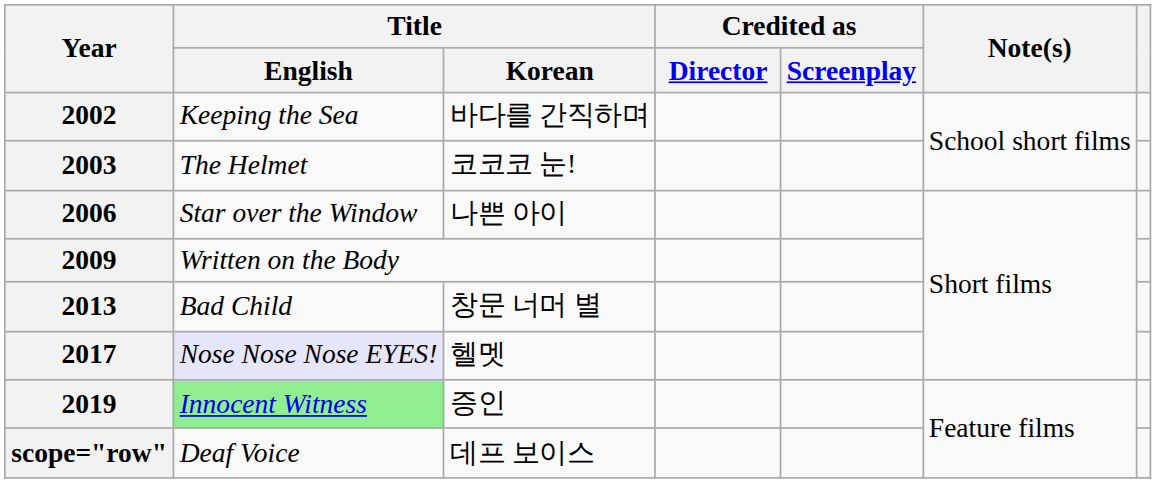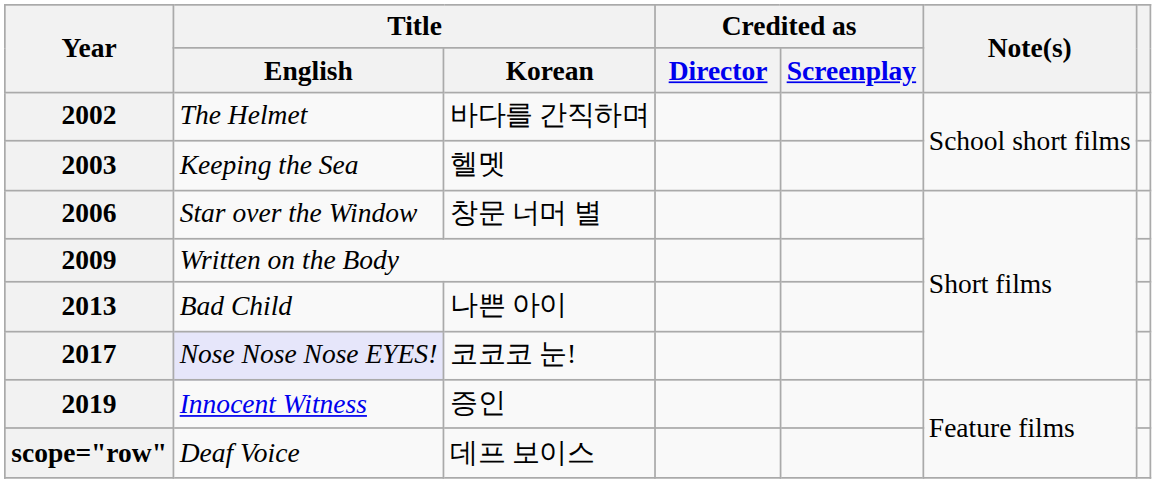 <table class="wikitable sortable plainrowheaders">
 <tr>
 <th rowspan="2" style="width:33px;">Year</th>
 <th colspan="2">Title</th>
 <th colspan="2">Credited as</th>
 <th rowspan="2" class="unsortable">Note(s)</th>
 <th rowspan="2" class="unsortable"></th>
 </tr>
 <tr>
 <th>English</th>
 <th>Korean</th>
 <th width="65" class="unsortable"><a href='#'>Director</a></th>
 <th width="65" class="unsortable"><a href='#'>Screenplay</a></th>
 </tr>
 <tr>
 <th scope="row">2002</th>
-<td><em>Keeping the Sea</em></td>
+<td><em>The Helmet</em></td>
 <td>바다를 간직하며</td>
 <td></td>
 <td></td>
 <td rowspan="2">School short films</td>
 <td></td>
 </tr>
 <tr>
 <th scope="row">2003</th>
-<td><em>The Helmet</em></td>
-<td>코코코 눈!</td>
+<td><em>Keeping the Sea</em></td>
+<td>헬멧</td>
 <td></td>
 <td></td>
 <td></td>
 </tr>
 <tr>
 <th scope="row">2006</th>
 <td><em>Star over the Window</em></td>
-<td>나쁜 아이</td>
+<td>창문 너머 별</td>
 <td></td>
 <td></td>
 <td rowspan="4">Short films</td>
 <td></td>
 </tr>
 <tr>
 <th scope="row">2009</th>
 <td colspan="2"><em>Written on the Body</em></td>
 <td></td>
 <td></td>
 <td></td>
 </tr>
 <tr>
 <th scope="row">2013</th>
 <td><em>Bad Child</em></td>
-<td>창문 너머 별</td>
+<td>나쁜 아이</td>
 <td></td>
 <td></td>
 <td></td>
 </tr>
 <tr>
 <th scope="row">2017</th>
 <td style="background: lavender;"><em>Nose Nose Nose EYES!</em></td>
-<td>헬멧</td>
+<td>코코코 눈!</td>
 <td></td>
 <td></td>
 <td></td>
 </tr>
 <tr>
 <th scope="row">2019</th>
-<td style="background: lightgreen;"><em><a href='#'>Innocent Witness</a></em></td>
+<td><em><a href='#'>Innocent Witness</a></em></td>
 <td>증인</td>
 <td></td>
 <td></td>
 <td rowspan="2">Feature films</td>
 <td></td>
 </tr>
 <tr>
 <th>scope="row" </th>
 <td><em>Deaf Voice</em></td>
 <td>데프 보이스</td>
 <td></td>
 <td></td>
 <td></td>
 </tr>
 </table>
